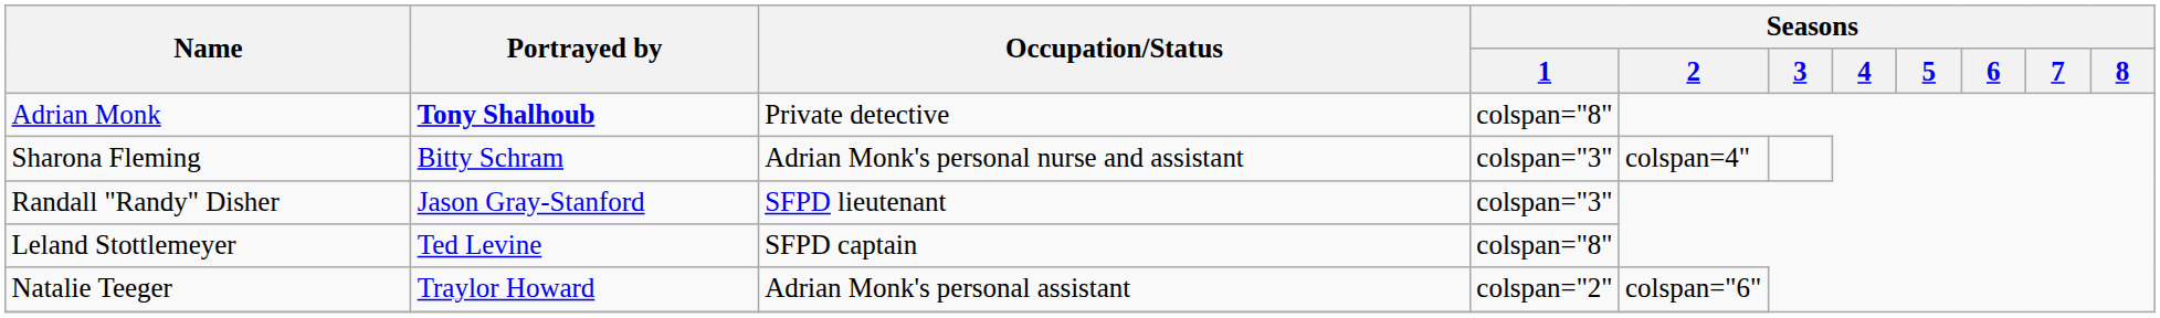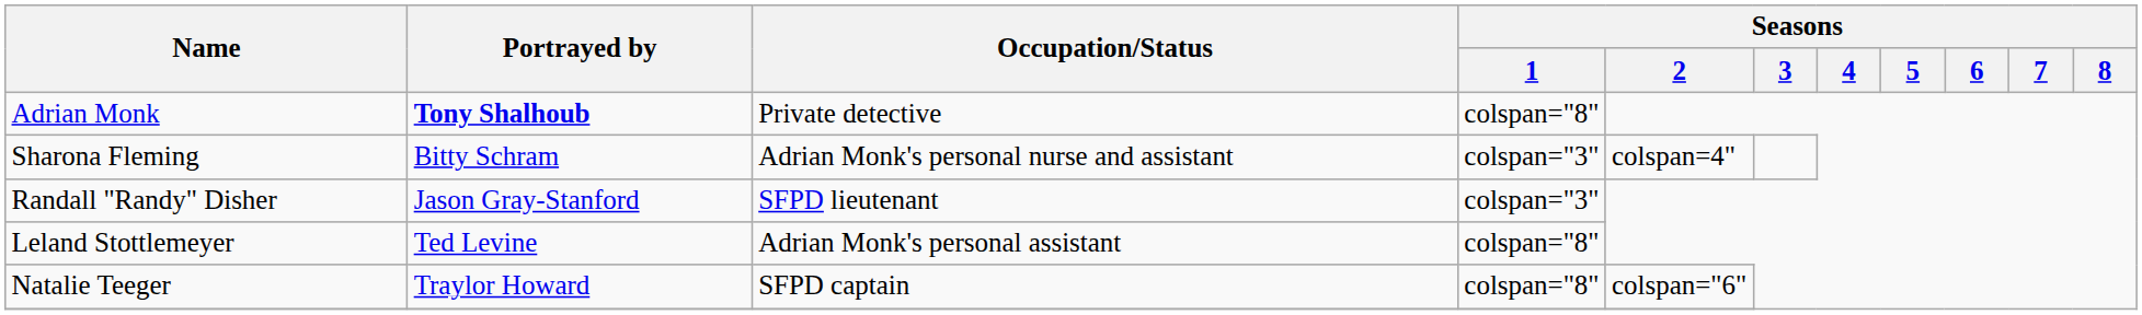 <table class="wikitable">
 <tr>
 <th rowspan="2">Name</th>
 <th rowspan="2">Portrayed by</th>
 <th rowspan="2">Occupation/Status</th>
 <th colspan="8">Seasons</th>
 </tr>
 <tr>
 <th style="width:3%;"><a href='#'>1</a></th>
 <th style="width:3%;"><a href='#'>2</a></th>
 <th style="width:3%;"><a href='#'>3</a></th>
 <th style="width:3%;"><a href='#'>4</a></th>
 <th style="width:3%;"><a href='#'>5</a></th>
 <th style="width:3%;"><a href='#'>6</a></th>
 <th style="width:3%;"><a href='#'>7</a></th>
 <th style="width:3%;"><a href='#'>8</a></th>
 </tr>
 <tr>
 <td><a href='#'>Adrian Monk</a></td>
 <td><strong><a href='#'>Tony Shalhoub</a></strong></td>
 <td>Private detective</td>
 <td>colspan="8" </td>
 </tr>
 <tr>
 <td>Sharona Fleming</td>
 <td><a href='#'>Bitty Schram</a></td>
 <td>Adrian Monk's personal nurse and assistant</td>
 <td>colspan="3" </td>
 <td>colspan=4" </td>
 <td></td>
 </tr>
 <tr>
 <td>Randall "Randy" Disher</td>
 <td><a href='#'>Jason Gray-Stanford</a></td>
 <td><a href='#'>SFPD</a> lieutenant</td>
 <td>colspan="3" </td>
 </tr>
 <tr>
 <td>Leland Stottlemeyer</td>
 <td><a href='#'>Ted Levine</a></td>
-<td>SFPD captain</td>
+<td>Adrian Monk's personal assistant</td>
 <td>colspan="8" </td>
 </tr>
 <tr>
 <td>Natalie Teeger</td>
 <td><a href='#'>Traylor Howard</a></td>
-<td>Adrian Monk's personal assistant</td>
-<td>colspan="2" </td>
+<td>SFPD captain</td>
+<td>colspan="8" </td>
 <td>colspan="6" </td>
 </tr>
 <tr>
 </tr>
 </table>
